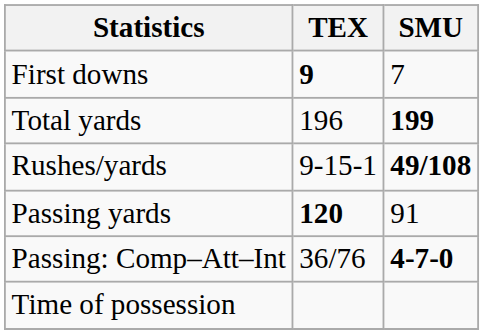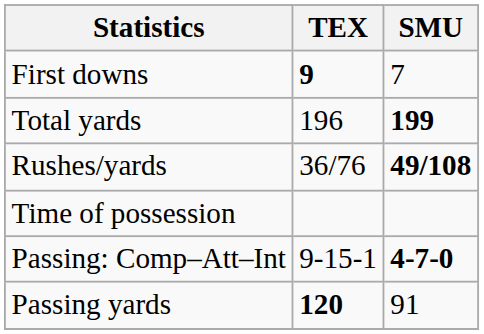 <table class="wikitable" style="float: left;">
 <tr>
 <th>Statistics</th>
 <th>TEX</th>
 <th>SMU</th>
 </tr>
 <tr>
 <td>First downs</td>
 <td><strong>9</strong></td>
 <td>7</td>
 </tr>
 <tr>
 <td>Total yards</td>
 <td>196</td>
 <td><strong>199</strong></td>
 </tr>
 <tr>
 <td>Rushes/yards</td>
+<td>36/76</td>
+<td><strong>49/108</strong></td>
+</tr>
+<tr>
+<td>Time of possession</td>
+<td></td>
+<td></td>
+</tr>
+<tr>
+<td>Passing: Comp–Att–Int</td>
 <td>9-15-1</td>
-<td><strong>49/108</strong></td>
+<td><strong>4-7-0</strong></td>
 </tr>
 <tr>
 <td>Passing yards</td>
 <td><strong>120</strong></td>
 <td>91</td>
 </tr>
 <tr>
-<td>Passing: Comp–Att–Int</td>
-<td>36/76</td>
-<td><strong>4-7-0</strong></td>
-</tr>
-<tr>
-<td>Time of possession</td>
-<td></td>
-<td></td>
-</tr>
-<tr>
 </tr>
 </table>
